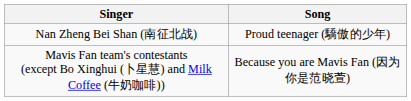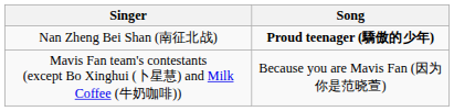 <table class="wikitable" style="width:60%;text-align:center;">
 <tr>
 <th>Singer</th>
 <th>Song</th>
 </tr>
 <tr>
 <td>Nan Zheng Bei Shan (南征北战)</td>
-<td>Proud teenager (驕傲的少年)</td>
+<td><strong>Proud teenager (驕傲的少年)</strong></td>
 </tr>
 <tr>
 <td>Mavis Fan team's contestants<br>(except Bo Xinghui (卜星慧) and <a href='#'>Milk Coffee</a> (牛奶咖啡))</td>
 <td>Because you are Mavis Fan (因为你是范晓萱)</td>
 </tr>
 </table>
